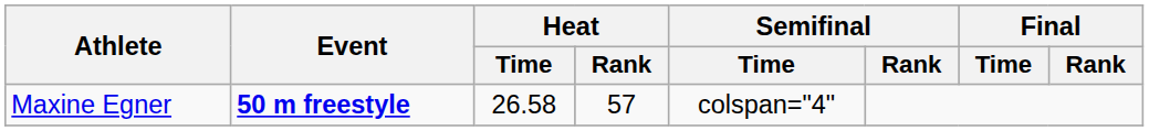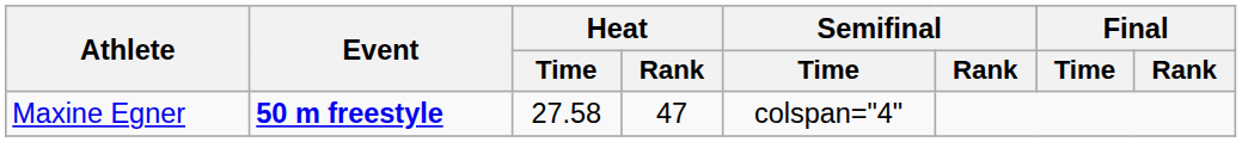 <table class="wikitable" style="text-align:center; font-size:90%; width:50%;">
 <tr>
 <th rowspan="2">Athlete</th>
 <th rowspan="2">Event</th>
 <th colspan="2">Heat</th>
 <th colspan="2">Semifinal</th>
 <th colspan="2">Final</th>
 </tr>
 <tr style="font-size:95%">
 <th>Time</th>
 <th>Rank</th>
 <th>Time</th>
 <th>Rank</th>
 <th>Time</th>
 <th>Rank</th>
 </tr>
 <tr>
 <td align=left><a href='#'>Maxine Egner</a></td>
 <td align=left><strong><a href='#'>50 m freestyle</a></strong></td>
-<td>26.58</td>
-<td>57</td>
+<td>27.58</td>
+<td>47</td>
 <td>colspan="4"  </td>
 </tr>
 </table>
